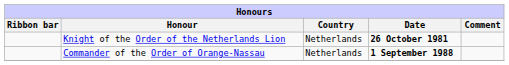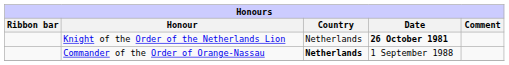 <table class="wikitable" style="width:60%;">
 <tr style="background:#ccf; text-align:center;">
 <td colspan=5><strong>Honours</strong></td>
 </tr>
 <tr>
 <th style="width:80px;">Ribbon bar</th>
 <th>Honour</th>
 <th>Country</th>
 <th>Date</th>
 <th>Comment</th>
 </tr>
 <tr>
 <td></td>
 <td><a href='#'>Knight</a> of the <a href='#'>Order of the Netherlands Lion</a></td>
 <td>Netherlands</td>
 <td><strong>26 October 1981</strong></td>
 <td></td>
 </tr>
 <tr>
 <td></td>
 <td><a href='#'>Commander</a> of the <a href='#'>Order of Orange-Nassau</a></td>
-<td>Netherlands</td>
-<td><strong>1 September 1988</strong></td>
+<td><strong>Netherlands</strong></td>
+<td>1 September 1988</td>
 <td></td>
 </tr>
 <tr>
 </tr>
 </table>
